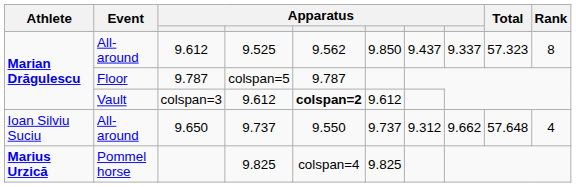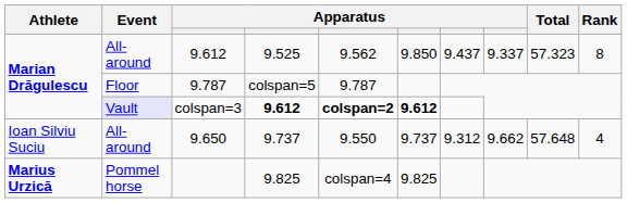 <table class="wikitable" style="font-size:90%">
 <tr>
 <th rowspan=2>Athlete</th>
 <th rowspan=2>Event</th>
 <th colspan =6>Apparatus</th>
 <th rowspan=2>Total</th>
 <th rowspan=2>Rank</th>
 </tr>
 <tr style="font-size:95%">
 <th></th>
 <th></th>
 <th></th>
 <th></th>
 <th></th>
 <th></th>
 </tr>
 <tr align=center>
 <td align=left rowspan=3><strong><a href='#'>Marian Drăgulescu</a></strong></td>
 <td align=left><a href='#'>All-around</a></td>
 <td>9.612</td>
 <td>9.525</td>
 <td>9.562</td>
 <td>9.850</td>
 <td>9.437</td>
 <td>9.337</td>
 <td>57.323</td>
 <td>8</td>
 </tr>
 <tr align=center>
 <td align=left><a href='#'>Floor</a></td>
 <td>9.787</td>
 <td>colspan=5 </td>
 <td>9.787</td>
 <td></td>
 </tr>
 <tr align=center>
-<td align=left><a href='#'>Vault</a></td>
+<td align=left style="background: lavender;"><a href='#'>Vault</a></td>
 <td>colspan=3 </td>
-<td>9.612</td>
+<td><strong>9.612</strong></td>
 <td><strong>colspan=2 </strong></td>
-<td>9.612</td>
+<td><strong>9.612</strong></td>
 <td></td>
 </tr>
 <tr align=center>
 <td align=left><a href='#'>Ioan Silviu Suciu</a></td>
 <td align=left><a href='#'>All-around</a></td>
 <td>9.650</td>
 <td>9.737</td>
 <td>9.550</td>
 <td>9.737</td>
 <td>9.312</td>
 <td>9.662</td>
 <td>57.648</td>
 <td>4</td>
 </tr>
 <tr align=center>
 <td align=left><strong><a href='#'>Marius Urzică</a></strong></td>
 <td align=left><a href='#'>Pommel horse</a></td>
 <td></td>
 <td>9.825</td>
 <td>colspan=4 </td>
 <td>9.825</td>
 <td></td>
 </tr>
 </table>
